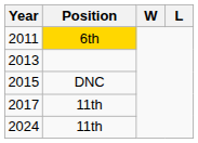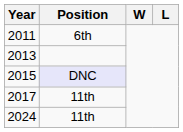 <table class="wikitable" style="text-align: center;">
 <tr>
 <th>Year</th>
 <th width="100">Position</th>
 <th width="25">W</th>
 <th width="25">L</th>
 </tr>
 <tr>
 <td> 2011</td>
-<td style="background: gold;">6th</td>
+<td>6th</td>
 </tr>
 <tr>
 <td> 2013</td>
 <td></td>
 </tr>
 <tr>
 <td> 2015</td>
-<td>DNC</td>
+<td style="background: lavender;">DNC</td>
 </tr>
 <tr>
 <td> 2017</td>
 <td>11th</td>
 </tr>
 <tr>
 <td> 2024</td>
 <td>11th</td>
 </tr>
 </table>
